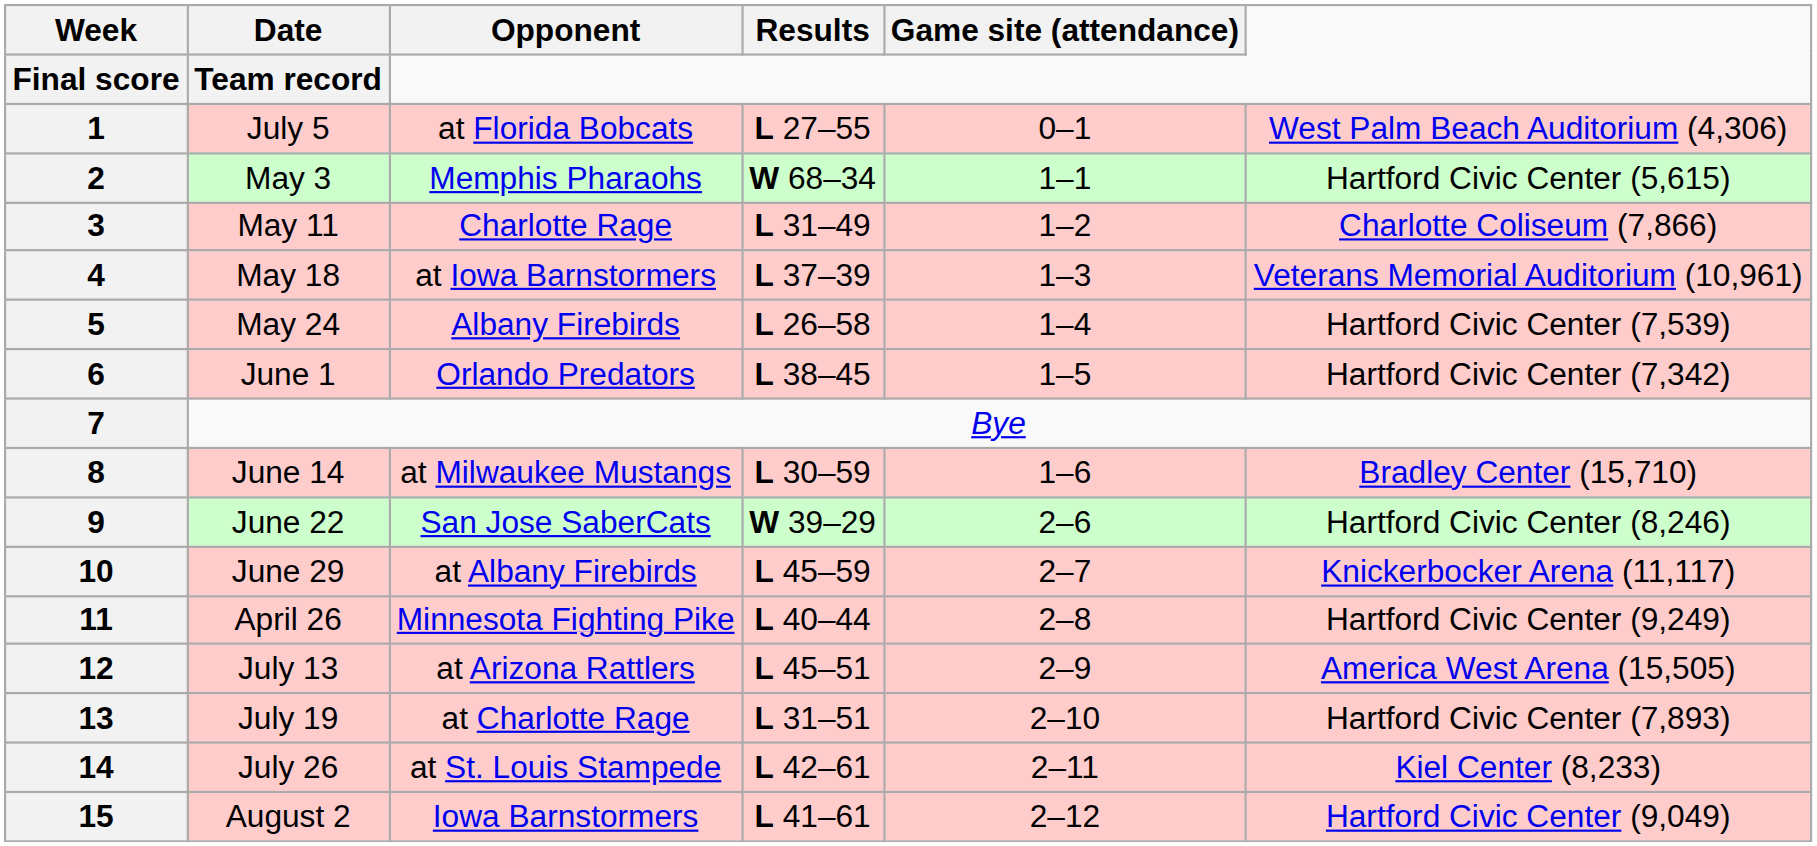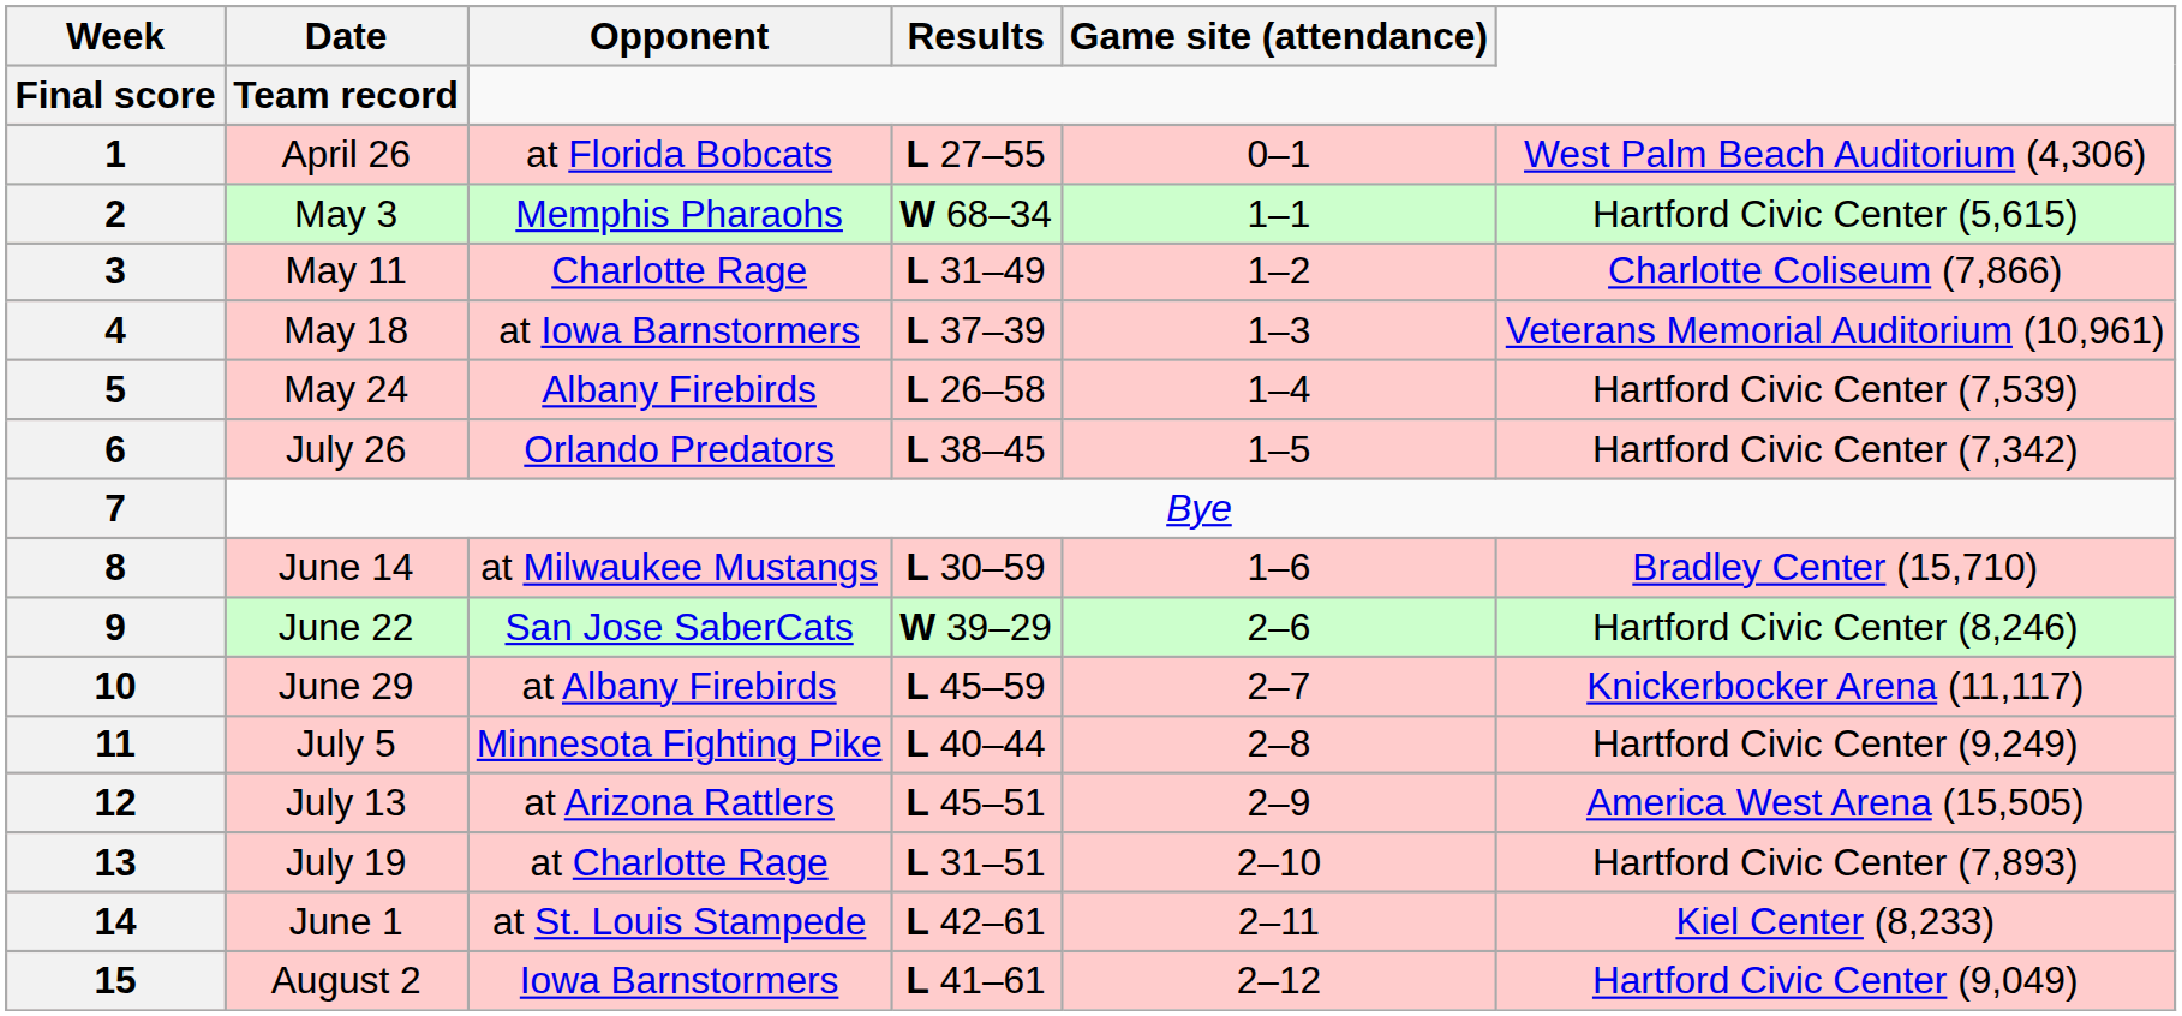 <table class="wikitable" style="font-size: 92%;" "align=center">
 <tr>
 <th>Week</th>
 <th>Date</th>
 <th>Opponent</th>
 <th>Results</th>
 <th>Game site (attendance)</th>
 </tr>
 <tr>
 <th>Final score</th>
 <th>Team record</th>
 </tr>
 <tr style="background:#fcc">
 <th>1</th>
-<td style="text-align:center;">July 5</td>
+<td style="text-align:center;">April 26</td>
 <td style="text-align:center;">at <a href='#'>Florida Bobcats</a></td>
 <td style="text-align:center;"><strong>L</strong> 27–55</td>
 <td style="text-align:center;">0–1</td>
 <td style="text-align:center;"><a href='#'>West Palm Beach Auditorium</a> (4,306)</td>
 </tr>
 <tr style="background:#cfc">
 <th>2</th>
 <td style="text-align:center;">May 3</td>
 <td style="text-align:center;"><a href='#'>Memphis Pharaohs</a></td>
 <td style="text-align:center;"><strong>W</strong> 68–34</td>
 <td style="text-align:center;">1–1</td>
 <td style="text-align:center;">Hartford Civic Center (5,615)</td>
 </tr>
 <tr style="background:#fcc">
 <th>3</th>
 <td style="text-align:center;">May 11</td>
 <td style="text-align:center;"><a href='#'>Charlotte Rage</a></td>
 <td style="text-align:center;"><strong>L</strong> 31–49</td>
 <td style="text-align:center;">1–2</td>
 <td style="text-align:center;"><a href='#'>Charlotte Coliseum</a> (7,866)</td>
 </tr>
 <tr style="background:#fcc">
 <th>4</th>
 <td style="text-align:center;">May 18</td>
 <td style="text-align:center;">at <a href='#'>Iowa Barnstormers</a></td>
 <td style="text-align:center;"><strong>L</strong> 37–39</td>
 <td style="text-align:center;">1–3</td>
 <td style="text-align:center;"><a href='#'>Veterans Memorial Auditorium</a> (10,961)</td>
 </tr>
 <tr style="background:#fcc">
 <th>5</th>
 <td style="text-align:center;">May 24</td>
 <td style="text-align:center;"><a href='#'>Albany Firebirds</a></td>
 <td style="text-align:center;"><strong>L</strong> 26–58</td>
 <td style="text-align:center;">1–4</td>
 <td style="text-align:center;">Hartford Civic Center (7,539)</td>
 </tr>
 <tr style="background:#fcc">
 <th>6</th>
-<td style="text-align:center;">June 1</td>
+<td style="text-align:center;">July 26</td>
 <td style="text-align:center;"><a href='#'>Orlando Predators</a></td>
 <td style="text-align:center;"><strong>L</strong> 38–45</td>
 <td style="text-align:center;">1–5</td>
 <td style="text-align:center;">Hartford Civic Center (7,342)</td>
 </tr>
 <tr style=>
 <th>7</th>
 <td colspan="8" style="text-align:center;"><em><a href='#'>Bye</a></em></td>
 </tr>
 <tr style="background:#fcc">
 <th>8</th>
 <td style="text-align:center;">June 14</td>
 <td style="text-align:center;">at <a href='#'>Milwaukee Mustangs</a></td>
 <td style="text-align:center;"><strong>L</strong> 30–59</td>
 <td style="text-align:center;">1–6</td>
 <td style="text-align:center;"><a href='#'>Bradley Center</a> (15,710)</td>
 </tr>
 <tr style="background:#cfc">
 <th>9</th>
 <td style="text-align:center;">June 22</td>
 <td style="text-align:center;"><a href='#'>San Jose SaberCats</a></td>
 <td style="text-align:center;"><strong>W</strong> 39–29</td>
 <td style="text-align:center;">2–6</td>
 <td style="text-align:center;">Hartford Civic Center (8,246)</td>
 </tr>
 <tr style="background:#fcc">
 <th>10</th>
 <td style="text-align:center;">June 29</td>
 <td style="text-align:center;">at <a href='#'>Albany Firebirds</a></td>
 <td style="text-align:center;"><strong>L</strong> 45–59</td>
 <td style="text-align:center;">2–7</td>
 <td style="text-align:center;"><a href='#'>Knickerbocker Arena</a> (11,117)</td>
 </tr>
 <tr style="background:#fcc">
 <th>11</th>
-<td style="text-align:center;">April 26</td>
+<td style="text-align:center;">July 5</td>
 <td style="text-align:center;"><a href='#'>Minnesota Fighting Pike</a></td>
 <td style="text-align:center;"><strong>L</strong> 40–44</td>
 <td style="text-align:center;">2–8</td>
 <td style="text-align:center;">Hartford Civic Center (9,249)</td>
 </tr>
 <tr style="background:#fcc">
 <th>12</th>
 <td style="text-align:center;">July 13</td>
 <td style="text-align:center;">at <a href='#'>Arizona Rattlers</a></td>
 <td style="text-align:center;"><strong>L</strong> 45–51</td>
 <td style="text-align:center;">2–9</td>
 <td style="text-align:center;"><a href='#'>America West Arena</a> (15,505)</td>
 </tr>
 <tr style="background:#fcc">
 <th>13</th>
 <td style="text-align:center;">July 19</td>
 <td style="text-align:center;">at <a href='#'>Charlotte Rage</a></td>
 <td style="text-align:center;"><strong>L</strong> 31–51</td>
 <td style="text-align:center;">2–10</td>
 <td style="text-align:center;">Hartford Civic Center (7,893)</td>
 </tr>
 <tr style="background:#fcc">
 <th>14</th>
-<td style="text-align:center;">July 26</td>
+<td style="text-align:center;">June 1</td>
 <td style="text-align:center;">at <a href='#'>St. Louis Stampede</a></td>
 <td style="text-align:center;"><strong>L</strong> 42–61</td>
 <td style="text-align:center;">2–11</td>
 <td style="text-align:center;"><a href='#'>Kiel Center</a> (8,233)</td>
 </tr>
 <tr style="background:#fcc">
 <th>15</th>
 <td style="text-align:center;">August 2</td>
 <td style="text-align:center;"><a href='#'>Iowa Barnstormers</a></td>
 <td style="text-align:center;"><strong>L</strong> 41–61</td>
 <td style="text-align:center;">2–12</td>
 <td style="text-align:center;"><a href='#'>Hartford Civic Center</a> (9,049)</td>
 </tr>
 </table>
